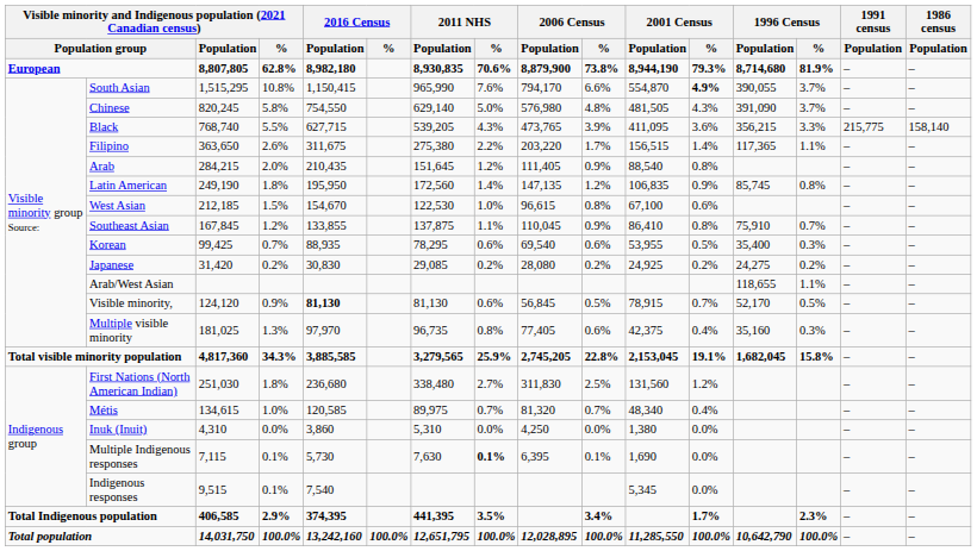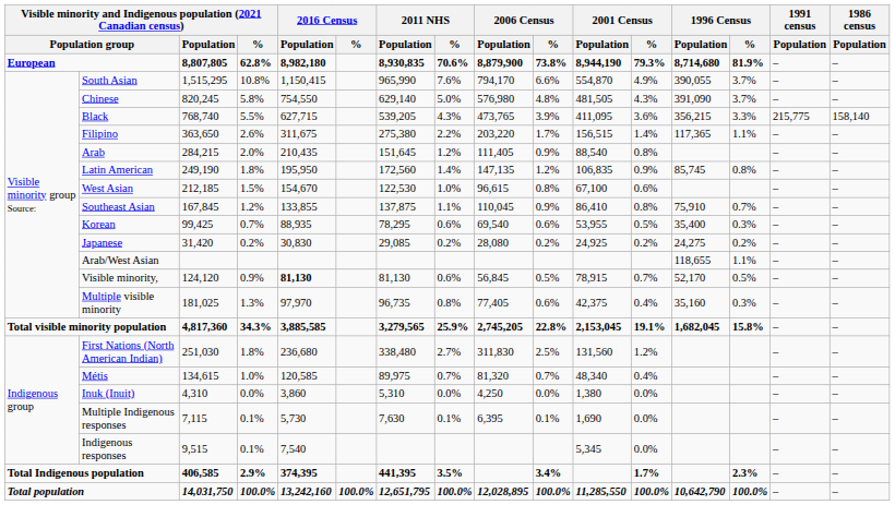 <table class="wikitable left;font-size: 80%">
 <tr>
 <th colspan=4>Visible minority and Indigenous population (<a href='#'>2021 Canadian census</a>)</th>
 <th colspan="2"><a href='#'>2016 Census</a></th>
 <th colspan="2">2011 NHS</th>
 <th colspan="2">2006 Census</th>
 <th colspan="2">2001 Census</th>
 <th colspan="2">1996 Census</th>
 <th>1991 census</th>
 <th>1986 census</th>
 </tr>
 <tr>
 <th colspan="2">Population group</th>
 <th>Population</th>
 <th>%</th>
 <th>Population</th>
 <th>%</th>
 <th>Population</th>
 <th>%</th>
 <th>Population</th>
 <th>%</th>
 <th>Population</th>
 <th>%</th>
 <th>Population</th>
 <th>%</th>
 <th>Population</th>
 <th>Population</th>
 </tr>
 <tr>
 <td colspan="2"><strong><a href='#'>European</a></strong></td>
 <td><strong>8,807,805</strong></td>
 <td><strong>62.8%</strong></td>
 <td><strong>8,982,180</strong></td>
 <td><strong></strong></td>
 <td><strong>8,930,835</strong></td>
 <td><strong>70.6%</strong></td>
 <td><strong>8,879,900</strong></td>
 <td><strong>73.8%</strong></td>
 <td><strong>8,944,190</strong></td>
 <td><strong>79.3%</strong></td>
 <td><strong>8,714,680</strong></td>
 <td><strong>81.9%</strong></td>
 <td>–</td>
 <td>–</td>
 </tr>
 <tr>
 <td rowspan="13"><a href='#'>Visible minority</a> group<br><small>Source:</small></td>
 <td><a href='#'>South Asian</a></td>
 <td>1,515,295</td>
 <td>10.8%</td>
 <td>1,150,415</td>
 <td></td>
 <td>965,990</td>
 <td>7.6%</td>
 <td>794,170</td>
 <td>6.6%</td>
 <td>554,870</td>
-<td><strong>4.9%</strong></td>
+<td>4.9%</td>
 <td>390,055</td>
 <td>3.7%</td>
 <td>–</td>
 <td>–</td>
 </tr>
 <tr>
 <td><a href='#'>Chinese</a></td>
 <td>820,245</td>
 <td>5.8%</td>
 <td>754,550</td>
 <td></td>
 <td>629,140</td>
 <td>5.0%</td>
 <td>576,980</td>
 <td>4.8%</td>
 <td>481,505</td>
 <td>4.3%</td>
 <td>391,090</td>
 <td>3.7%</td>
 <td>–</td>
 <td>–</td>
 </tr>
 <tr>
 <td><a href='#'>Black</a></td>
 <td>768,740</td>
 <td>5.5%</td>
 <td>627,715</td>
 <td></td>
 <td>539,205</td>
 <td>4.3%</td>
 <td>473,765</td>
 <td>3.9%</td>
 <td>411,095</td>
 <td>3.6%</td>
 <td>356,215</td>
 <td>3.3%</td>
 <td>215,775</td>
 <td>158,140</td>
 </tr>
 <tr>
 <td><a href='#'>Filipino</a></td>
 <td>363,650</td>
 <td>2.6%</td>
 <td>311,675</td>
 <td></td>
 <td>275,380</td>
 <td>2.2%</td>
 <td>203,220</td>
 <td>1.7%</td>
 <td>156,515</td>
 <td>1.4%</td>
 <td>117,365</td>
 <td>1.1%</td>
 <td>–</td>
 <td>–</td>
 </tr>
 <tr>
 <td><a href='#'>Arab</a></td>
 <td>284,215</td>
 <td>2.0%</td>
 <td>210,435</td>
 <td></td>
 <td>151,645</td>
 <td>1.2%</td>
 <td>111,405</td>
 <td>0.9%</td>
 <td>88,540</td>
 <td>0.8%</td>
 <td></td>
 <td></td>
 <td>–</td>
 <td>–</td>
 </tr>
 <tr>
 <td><a href='#'>Latin American</a></td>
 <td>249,190</td>
 <td>1.8%</td>
 <td>195,950</td>
 <td></td>
 <td>172,560</td>
 <td>1.4%</td>
 <td>147,135</td>
 <td>1.2%</td>
 <td>106,835</td>
 <td>0.9%</td>
 <td>85,745</td>
 <td>0.8%</td>
 <td>–</td>
 <td>–</td>
 </tr>
 <tr>
 <td><a href='#'>West Asian</a></td>
 <td>212,185</td>
 <td>1.5%</td>
 <td>154,670</td>
 <td></td>
 <td>122,530</td>
 <td>1.0%</td>
 <td>96,615</td>
 <td>0.8%</td>
 <td>67,100</td>
 <td>0.6%</td>
 <td></td>
 <td></td>
 <td>–</td>
 <td>–</td>
 </tr>
 <tr>
 <td><a href='#'>Southeast Asian</a></td>
 <td>167,845</td>
 <td>1.2%</td>
 <td>133,855</td>
 <td></td>
 <td>137,875</td>
 <td>1.1%</td>
 <td>110,045</td>
 <td>0.9%</td>
 <td>86,410</td>
 <td>0.8%</td>
 <td>75,910</td>
 <td>0.7%</td>
 <td>–</td>
 <td>–</td>
 </tr>
 <tr>
 <td><a href='#'>Korean</a></td>
 <td>99,425</td>
 <td>0.7%</td>
 <td>88,935</td>
 <td></td>
 <td>78,295</td>
 <td>0.6%</td>
 <td>69,540</td>
 <td>0.6%</td>
 <td>53,955</td>
 <td>0.5%</td>
 <td>35,400</td>
 <td>0.3%</td>
 <td>–</td>
 <td>–</td>
 </tr>
 <tr>
 <td><a href='#'>Japanese</a></td>
 <td>31,420</td>
 <td>0.2%</td>
 <td>30,830</td>
 <td></td>
 <td>29,085</td>
 <td>0.2%</td>
 <td>28,080</td>
 <td>0.2%</td>
 <td>24,925</td>
 <td>0.2%</td>
 <td>24,275</td>
 <td>0.2%</td>
 <td>–</td>
 <td>–</td>
 </tr>
 <tr>
 <td>Arab/West Asian</td>
 <td></td>
 <td></td>
 <td></td>
 <td></td>
 <td></td>
 <td></td>
 <td></td>
 <td></td>
 <td></td>
 <td></td>
 <td>118,655</td>
 <td>1.1%</td>
 <td>–</td>
 <td>–</td>
 </tr>
 <tr>
 <td>Visible minority, </td>
 <td>124,120</td>
 <td>0.9%</td>
 <td><strong>81,130</strong></td>
 <td></td>
 <td>81,130</td>
 <td>0.6%</td>
 <td>56,845</td>
 <td>0.5%</td>
 <td>78,915</td>
 <td>0.7%</td>
 <td>52,170</td>
 <td>0.5%</td>
 <td>–</td>
 <td>–</td>
 </tr>
 <tr>
 <td><a href='#'>Multiple</a> visible minority</td>
 <td>181,025</td>
 <td>1.3%</td>
 <td>97,970</td>
 <td></td>
 <td>96,735</td>
 <td>0.8%</td>
 <td>77,405</td>
 <td>0.6%</td>
 <td>42,375</td>
 <td>0.4%</td>
 <td>35,160</td>
 <td>0.3%</td>
 <td>–</td>
 <td>–</td>
 </tr>
 <tr>
 <td colspan="2"><strong>Total visible minority population</strong></td>
 <td><strong>4,817,360</strong></td>
 <td><strong>34.3%</strong></td>
 <td><strong>3,885,585</strong></td>
 <td><strong></strong></td>
 <td><strong>3,279,565</strong></td>
 <td><strong>25.9%</strong></td>
 <td><strong>2,745,205</strong></td>
 <td><strong>22.8%</strong></td>
 <td><strong>2,153,045</strong></td>
 <td><strong>19.1%</strong></td>
 <td><strong>1,682,045</strong></td>
 <td><strong>15.8%</strong></td>
 <td>–</td>
 <td>–</td>
 </tr>
 <tr>
 <td rowspan="5"><a href='#'>Indigenous</a> group<br></td>
 <td><a href='#'>First Nations (North American Indian)</a></td>
 <td>251,030</td>
 <td>1.8%</td>
 <td>236,680</td>
 <td></td>
 <td>338,480</td>
 <td>2.7%</td>
 <td>311,830</td>
 <td>2.5%</td>
 <td>131,560</td>
 <td>1.2%</td>
 <td></td>
 <td></td>
 <td>–</td>
 <td>–</td>
 </tr>
 <tr>
 <td><a href='#'>Métis</a></td>
 <td>134,615</td>
 <td>1.0%</td>
 <td>120,585</td>
 <td></td>
 <td>89,975</td>
 <td>0.7%</td>
 <td>81,320</td>
 <td>0.7%</td>
 <td>48,340</td>
 <td>0.4%</td>
 <td></td>
 <td></td>
 <td>–</td>
 <td>–</td>
 </tr>
 <tr>
 <td><a href='#'>Inuk (Inuit)</a></td>
 <td>4,310</td>
 <td>0.0%</td>
 <td>3,860</td>
 <td></td>
 <td>5,310</td>
 <td>0.0%</td>
 <td>4,250</td>
 <td>0.0%</td>
 <td>1,380</td>
 <td>0.0%</td>
 <td></td>
 <td></td>
 <td>–</td>
 <td>–</td>
 </tr>
 <tr>
 <td>Multiple Indigenous responses</td>
 <td>7,115</td>
 <td>0.1%</td>
 <td>5,730</td>
 <td></td>
 <td>7,630</td>
-<td><strong>0.1%</strong></td>
+<td>0.1%</td>
 <td>6,395</td>
 <td>0.1%</td>
 <td>1,690</td>
 <td>0.0%</td>
 <td></td>
 <td></td>
 <td>–</td>
 <td>–</td>
 </tr>
 <tr>
 <td>Indigenous responses </td>
 <td>9,515</td>
 <td>0.1%</td>
 <td>7,540</td>
 <td></td>
 <td></td>
 <td></td>
 <td></td>
 <td></td>
 <td>5,345</td>
 <td>0.0%</td>
 <td></td>
 <td></td>
 <td>–</td>
 <td>–</td>
 </tr>
 <tr>
 <td colspan="2"><strong>Total Indigenous population</strong></td>
 <td><strong>406,585</strong></td>
 <td><strong>2.9%</strong></td>
 <td><strong>374,395</strong></td>
 <td><strong></strong></td>
 <td><strong>441,395</strong></td>
 <td><strong>3.5%</strong></td>
 <td></td>
 <td><strong>3.4%</strong></td>
 <td></td>
 <td><strong>1.7%</strong></td>
 <td></td>
 <td><strong>2.3%</strong></td>
 <td>–</td>
 <td>–</td>
 </tr>
 <tr>
 <td colspan="2"><strong><em>Total population</em></strong></td>
 <td><strong><em>14,031,750</em></strong></td>
 <td><strong><em>100.0%</em></strong></td>
 <td><strong><em>13,242,160</em></strong></td>
 <td><strong><em>100.0%</em></strong></td>
 <td><strong><em>12,651,795</em></strong></td>
 <td><strong><em>100.0%</em></strong></td>
 <td><strong><em>12,028,895</em></strong></td>
 <td><strong><em>100.0%</em></strong></td>
 <td><strong><em>11,285,550</em></strong></td>
 <td><strong><em>100.0%</em></strong></td>
 <td><strong><em>10,642,790</em></strong></td>
 <td><strong><em>100.0%</em></strong></td>
 <td>–</td>
 <td>–</td>
 </tr>
 </table>
